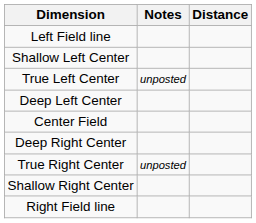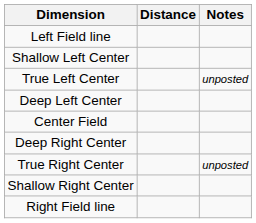 <table class="wikitable" style="text-align:center; font-size:100%;">
 <tr>
 <th>Dimension</th>
+<th>Distance</th>
 <th>Notes</th>
-<th>Distance</th>
 </tr>
 <tr>
 <td>Left Field line</td>
+<td align=left></td>
 <td></td>
-<td align=left></td>
 </tr>
 <tr>
 <td>Shallow Left Center</td>
 <td></td>
 <td></td>
 </tr>
 <tr>
 <td>True Left Center</td>
+<td></td>
 <td><small><em>unposted</em></small></td>
-<td></td>
 </tr>
 <tr>
 <td>Deep Left Center</td>
 <td></td>
 <td></td>
 </tr>
 <tr>
 <td>Center Field</td>
 <td></td>
 <td></td>
 </tr>
 <tr>
 <td>Deep Right Center</td>
 <td></td>
 <td></td>
 </tr>
 <tr>
 <td>True Right Center</td>
+<td></td>
 <td><small><em>unposted</em></small></td>
-<td></td>
 </tr>
 <tr>
 <td>Shallow Right Center</td>
 <td></td>
 <td></td>
 </tr>
 <tr>
 <td>Right Field line</td>
+<td align=left></td>
 <td></td>
-<td align=left></td>
 </tr>
 </table>
